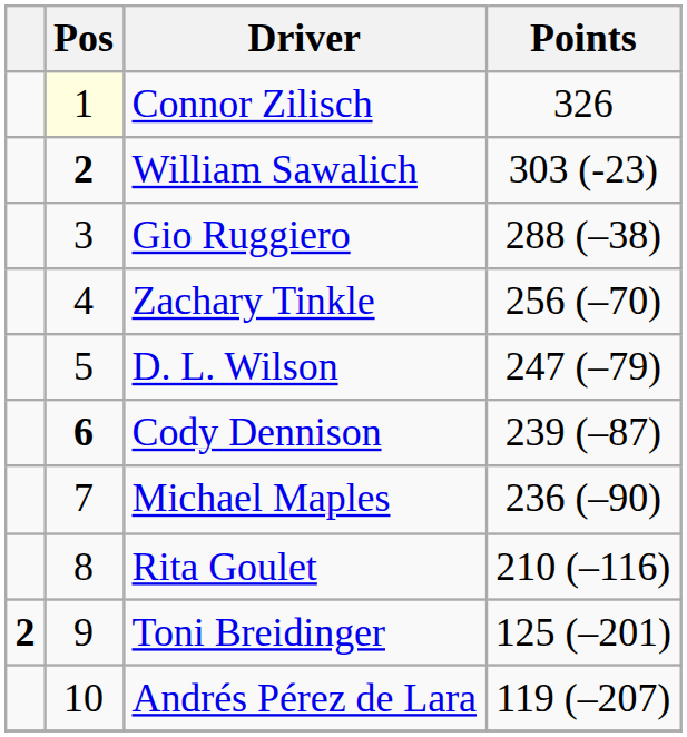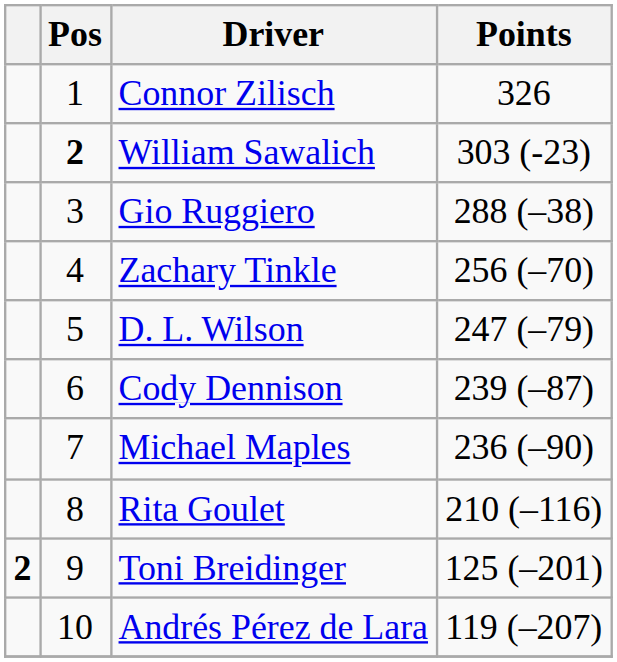 <table class="wikitable" style="font-size: 95%;">
 <tr>
 <th></th>
 <th>Pos</th>
 <th>Driver</th>
 <th>Points</th>
 </tr>
 <tr>
 <td align="left"></td>
-<td style="background: lightyellow; text-align:center;">1</td>
+<td style="text-align:center;">1</td>
 <td><a href='#'>Connor Zilisch</a></td>
 <td style="text-align:center;">326</td>
 </tr>
 <tr>
 <td align="left"></td>
 <td style="text-align:center;"><strong>2</strong></td>
 <td><a href='#'>William Sawalich</a></td>
 <td style="text-align:center;">303 (-23)</td>
 </tr>
 <tr>
 <td align="left"></td>
 <td style="text-align:center;">3</td>
 <td><a href='#'>Gio Ruggiero</a></td>
 <td style="text-align:center;">288 (–38)</td>
 </tr>
 <tr>
 <td align="left"></td>
 <td style="text-align:center;">4</td>
 <td><a href='#'>Zachary Tinkle</a></td>
 <td style="text-align:center;">256 (–70)</td>
 </tr>
 <tr>
 <td align="left"></td>
 <td style="text-align:center;">5</td>
 <td><a href='#'>D. L. Wilson</a></td>
 <td style="text-align:center;">247 (–79)</td>
 </tr>
 <tr>
 <td align="left"></td>
-<td style="text-align:center;"><strong>6</strong></td>
+<td style="text-align:center;">6</td>
 <td><a href='#'>Cody Dennison</a></td>
 <td style="text-align:center;">239 (–87)</td>
 </tr>
 <tr>
 <td align="left"></td>
 <td style="text-align:center;">7</td>
 <td><a href='#'>Michael Maples</a></td>
 <td style="text-align:center;">236 (–90)</td>
 </tr>
 <tr>
 <td align="left"></td>
 <td style="text-align:center;">8</td>
 <td><a href='#'>Rita Goulet</a></td>
 <td style="text-align:center;">210 (–116)</td>
 </tr>
 <tr>
 <td align="left"> <strong>2</strong></td>
 <td style="text-align:center;">9</td>
 <td><a href='#'>Toni Breidinger</a></td>
 <td style="text-align:center;">125 (–201)</td>
 </tr>
 <tr>
 <td align="left"></td>
 <td style="text-align:center;">10</td>
 <td><a href='#'>Andrés Pérez de Lara</a></td>
 <td style="text-align:center;">119 (–207)</td>
 </tr>
 <tr class="sortbottom">
 </tr>
 </table>
